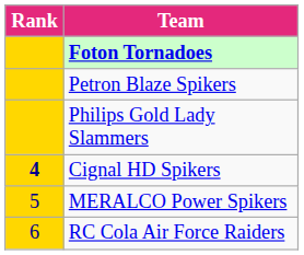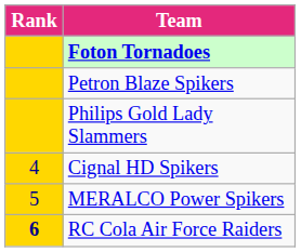 <table class="wikitable" style="text-align: center;">
 <tr>
 <th width=40 style="background:#E4287C; color:#FFFFFF;">Rank</th>
 <th width=180 style="background:#E4287C; color:#FFFFFF;">Team</th>
 </tr>
 <tr bgcolor=#ccffcc>
 <td style="background:#FFD700; color:#00008B;"></td>
 <td style="text-align:left;"><strong><a href='#'>Foton Tornadoes</a></strong></td>
 </tr>
 <tr>
 <td style="background:#FFD700; color:#00008B;"></td>
 <td style="text-align:left;"><a href='#'>Petron Blaze Spikers</a></td>
 </tr>
 <tr>
 <td style="background:#FFD700; color:#00008B;"></td>
 <td style="text-align:left;"><a href='#'>Philips Gold Lady Slammers</a></td>
 </tr>
 <tr>
-<td style="background:#FFD700; color:#00008B;"><strong>4</strong></td>
+<td style="background:#FFD700; color:#00008B;">4</td>
 <td style="text-align:left;"><a href='#'>Cignal HD Spikers</a></td>
 </tr>
 <tr>
 <td style="background:#FFD700; color:#00008B;">5</td>
 <td style="text-align:left;"><a href='#'>MERALCO Power Spikers</a></td>
 </tr>
 <tr>
-<td style="background:#FFD700; color:#00008B;">6</td>
+<td style="background:#FFD700; color:#00008B;"><strong>6</strong></td>
 <td style="text-align:left;"><a href='#'>RC Cola Air Force Raiders</a></td>
 </tr>
 </table>
